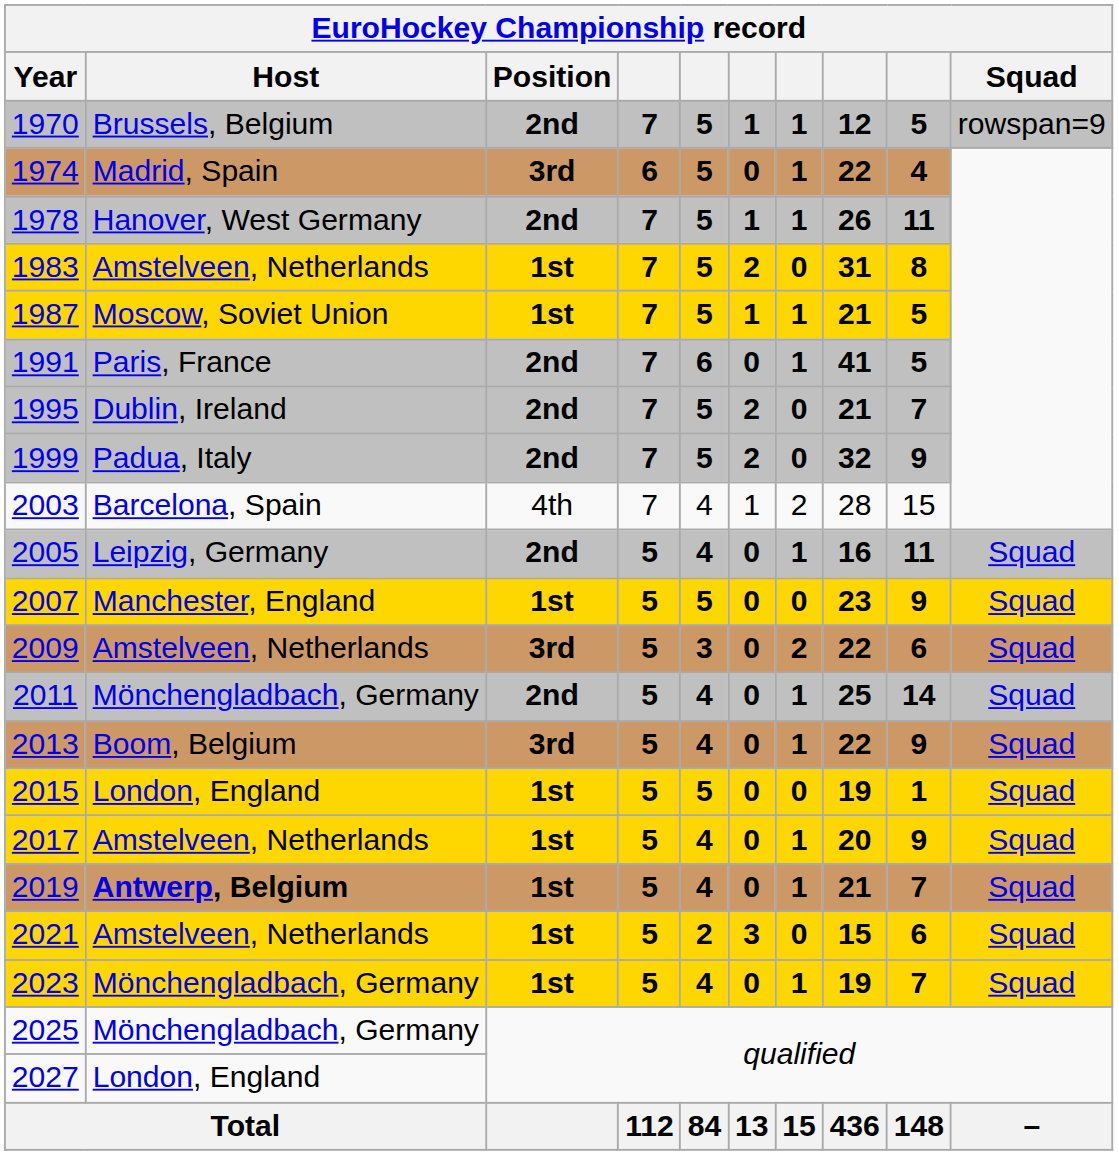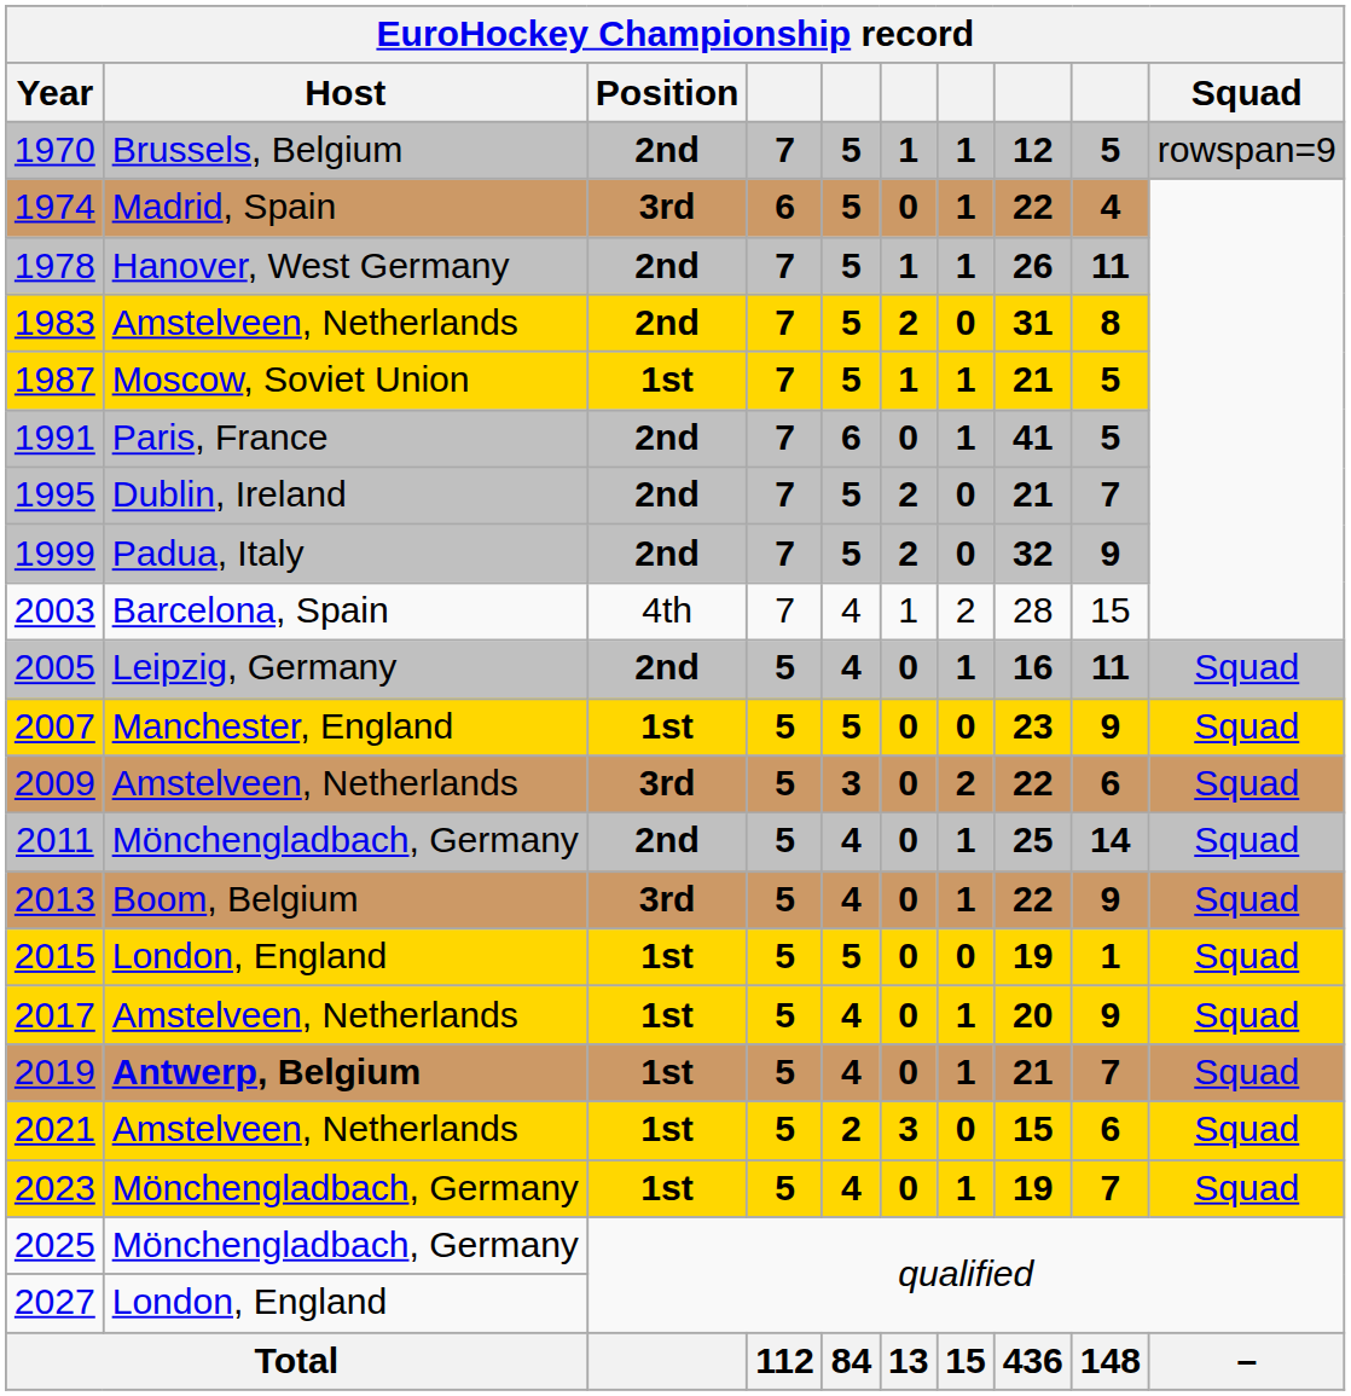 <table class="wikitable" style="text-align: center;">
 <tr>
 <th colspan=10><a href='#'>EuroHockey Championship</a> record</th>
 </tr>
 <tr>
 <th>Year</th>
 <th>Host</th>
 <th>Position</th>
 <th></th>
 <th></th>
 <th></th>
 <th></th>
 <th></th>
 <th></th>
 <th>Squad</th>
 </tr>
 <tr bgcolor=silver>
 <td><a href='#'>1970</a></td>
 <td align=left> <a href='#'>Brussels</a>, Belgium</td>
 <td><strong>2nd</strong></td>
 <td><strong>7</strong></td>
 <td><strong>5</strong></td>
 <td><strong>1</strong></td>
 <td><strong>1</strong></td>
 <td><strong>12</strong></td>
 <td><strong>5</strong></td>
 <td>rowspan=9 </td>
 </tr>
 <tr bgcolor=cc9966>
 <td><a href='#'>1974</a></td>
 <td align=left> <a href='#'>Madrid</a>, Spain</td>
 <td><strong>3rd</strong></td>
 <td><strong>6</strong></td>
 <td><strong>5</strong></td>
 <td><strong>0</strong></td>
 <td><strong>1</strong></td>
 <td><strong>22</strong></td>
 <td><strong>4</strong></td>
 </tr>
 <tr bgcolor=silver>
 <td><a href='#'>1978</a></td>
 <td align=left> <a href='#'>Hanover</a>, West Germany</td>
 <td><strong>2nd</strong></td>
 <td><strong>7</strong></td>
 <td><strong>5</strong></td>
 <td><strong>1</strong></td>
 <td><strong>1</strong></td>
 <td><strong>26</strong></td>
 <td><strong>11</strong></td>
 </tr>
 <tr bgcolor=gold>
 <td><a href='#'>1983</a></td>
 <td align=left> <a href='#'>Amstelveen</a>, Netherlands</td>
-<td><strong>1st</strong></td>
+<td><strong>2nd</strong></td>
 <td><strong>7</strong></td>
 <td><strong>5</strong></td>
 <td><strong>2</strong></td>
 <td><strong>0</strong></td>
 <td><strong>31</strong></td>
 <td><strong>8</strong></td>
 </tr>
 <tr bgcolor=gold>
 <td><a href='#'>1987</a></td>
 <td align=left> <a href='#'>Moscow</a>, Soviet Union</td>
 <td><strong>1st</strong></td>
 <td><strong>7</strong></td>
 <td><strong>5</strong></td>
 <td><strong>1</strong></td>
 <td><strong>1</strong></td>
 <td><strong>21</strong></td>
 <td><strong>5</strong></td>
 </tr>
 <tr bgcolor=silver>
 <td><a href='#'>1991</a></td>
 <td align=left> <a href='#'>Paris</a>, France</td>
 <td><strong>2nd</strong></td>
 <td><strong>7</strong></td>
 <td><strong>6</strong></td>
 <td><strong>0</strong></td>
 <td><strong>1</strong></td>
 <td><strong>41</strong></td>
 <td><strong>5</strong></td>
 </tr>
 <tr bgcolor=silver>
 <td><a href='#'>1995</a></td>
 <td align=left> <a href='#'>Dublin</a>, Ireland</td>
 <td><strong>2nd</strong></td>
 <td><strong>7</strong></td>
 <td><strong>5</strong></td>
 <td><strong>2</strong></td>
 <td><strong>0</strong></td>
 <td><strong>21</strong></td>
 <td><strong>7</strong></td>
 </tr>
 <tr bgcolor=silver>
 <td><a href='#'>1999</a></td>
 <td align=left> <a href='#'>Padua</a>, Italy</td>
 <td><strong>2nd</strong></td>
 <td><strong>7</strong></td>
 <td><strong>5</strong></td>
 <td><strong>2</strong></td>
 <td><strong>0</strong></td>
 <td><strong>32</strong></td>
 <td><strong>9</strong></td>
 </tr>
 <tr>
 <td><a href='#'>2003</a></td>
 <td align=left> <a href='#'>Barcelona</a>, Spain</td>
 <td>4th</td>
 <td>7</td>
 <td>4</td>
 <td>1</td>
 <td>2</td>
 <td>28</td>
 <td>15</td>
 </tr>
 <tr bgcolor=silver>
 <td><a href='#'>2005</a></td>
 <td align=left> <a href='#'>Leipzig</a>, Germany</td>
 <td><strong>2nd</strong></td>
 <td><strong>5</strong></td>
 <td><strong>4</strong></td>
 <td><strong>0</strong></td>
 <td><strong>1</strong></td>
 <td><strong>16</strong></td>
 <td><strong>11</strong></td>
 <td><a href='#'>Squad</a></td>
 </tr>
 <tr bgcolor=gold>
 <td><a href='#'>2007</a></td>
 <td align=left> <a href='#'>Manchester</a>, England</td>
 <td><strong>1st</strong></td>
 <td><strong>5</strong></td>
 <td><strong>5</strong></td>
 <td><strong>0</strong></td>
 <td><strong>0</strong></td>
 <td><strong>23</strong></td>
 <td><strong>9</strong></td>
 <td><a href='#'>Squad</a></td>
 </tr>
 <tr bgcolor=cc9966>
 <td><a href='#'>2009</a></td>
 <td align=left> <a href='#'>Amstelveen</a>, Netherlands</td>
 <td><strong>3rd</strong></td>
 <td><strong>5</strong></td>
 <td><strong>3</strong></td>
 <td><strong>0</strong></td>
 <td><strong>2</strong></td>
 <td><strong>22</strong></td>
 <td><strong>6</strong></td>
 <td><a href='#'>Squad</a></td>
 </tr>
 <tr bgcolor=silver>
 <td><a href='#'>2011</a></td>
 <td align=left> <a href='#'>Mönchengladbach</a>, Germany</td>
 <td><strong>2nd</strong></td>
 <td><strong>5</strong></td>
 <td><strong>4</strong></td>
 <td><strong>0</strong></td>
 <td><strong>1</strong></td>
 <td><strong>25</strong></td>
 <td><strong>14</strong></td>
 <td><a href='#'>Squad</a></td>
 </tr>
 <tr bgcolor=cc9966>
 <td><a href='#'>2013</a></td>
 <td align=left> <a href='#'>Boom</a>, Belgium</td>
 <td><strong>3rd</strong></td>
 <td><strong>5</strong></td>
 <td><strong>4</strong></td>
 <td><strong>0</strong></td>
 <td><strong>1</strong></td>
 <td><strong>22</strong></td>
 <td><strong>9</strong></td>
 <td><a href='#'>Squad</a></td>
 </tr>
 <tr bgcolor=gold>
 <td><a href='#'>2015</a></td>
 <td align=left> <a href='#'>London</a>, England</td>
 <td><strong>1st</strong></td>
 <td><strong>5</strong></td>
 <td><strong>5</strong></td>
 <td><strong>0</strong></td>
 <td><strong>0</strong></td>
 <td><strong>19</strong></td>
 <td><strong>1</strong></td>
 <td><a href='#'>Squad</a></td>
 </tr>
 <tr bgcolor=gold>
 <td><a href='#'>2017</a></td>
 <td align=left> <a href='#'>Amstelveen</a>, Netherlands</td>
 <td><strong>1st</strong></td>
 <td><strong>5</strong></td>
 <td><strong>4</strong></td>
 <td><strong>0</strong></td>
 <td><strong>1</strong></td>
 <td><strong>20</strong></td>
 <td><strong>9</strong></td>
 <td><a href='#'>Squad</a></td>
 </tr>
 <tr bgcolor=cc9966>
 <td><a href='#'>2019</a></td>
 <td align=left><strong> <a href='#'>Antwerp</a>, Belgium</strong></td>
 <td><strong>1st</strong></td>
 <td><strong>5</strong></td>
 <td><strong>4</strong></td>
 <td><strong>0</strong></td>
 <td><strong>1</strong></td>
 <td><strong>21</strong></td>
 <td><strong>7</strong></td>
 <td><a href='#'>Squad</a></td>
 </tr>
 <tr bgcolor=gold>
 <td><a href='#'>2021</a></td>
 <td align=left> <a href='#'>Amstelveen</a>, Netherlands</td>
 <td><strong>1st</strong></td>
 <td><strong>5</strong></td>
 <td><strong>2</strong></td>
 <td><strong>3</strong></td>
 <td><strong>0</strong></td>
 <td><strong>15</strong></td>
 <td><strong>6</strong></td>
 <td><a href='#'>Squad</a></td>
 </tr>
 <tr bgcolor=gold>
 <td><a href='#'>2023</a></td>
 <td align=left> <a href='#'>Mönchengladbach</a>, Germany</td>
 <td><strong>1st</strong></td>
 <td><strong>5</strong></td>
 <td><strong>4</strong></td>
 <td><strong>0</strong></td>
 <td><strong>1</strong></td>
 <td><strong>19</strong></td>
 <td><strong>7</strong></td>
 <td><a href='#'>Squad</a></td>
 </tr>
 <tr>
 <td><a href='#'>2025</a></td>
 <td align=left> <a href='#'>Mönchengladbach</a>, Germany</td>
 <td colspan=8 rowspan=2><em>qualified</em></td>
 </tr>
 <tr>
 <td><a href='#'>2027</a></td>
 <td align=left> <a href='#'>London</a>, England</td>
 </tr>
 <tr>
 <th colspan=2>Total</th>
 <th></th>
 <th>112</th>
 <th>84</th>
 <th>13</th>
 <th>15</th>
 <th>436</th>
 <th>148</th>
 <th>–</th>
 </tr>
 </table>
